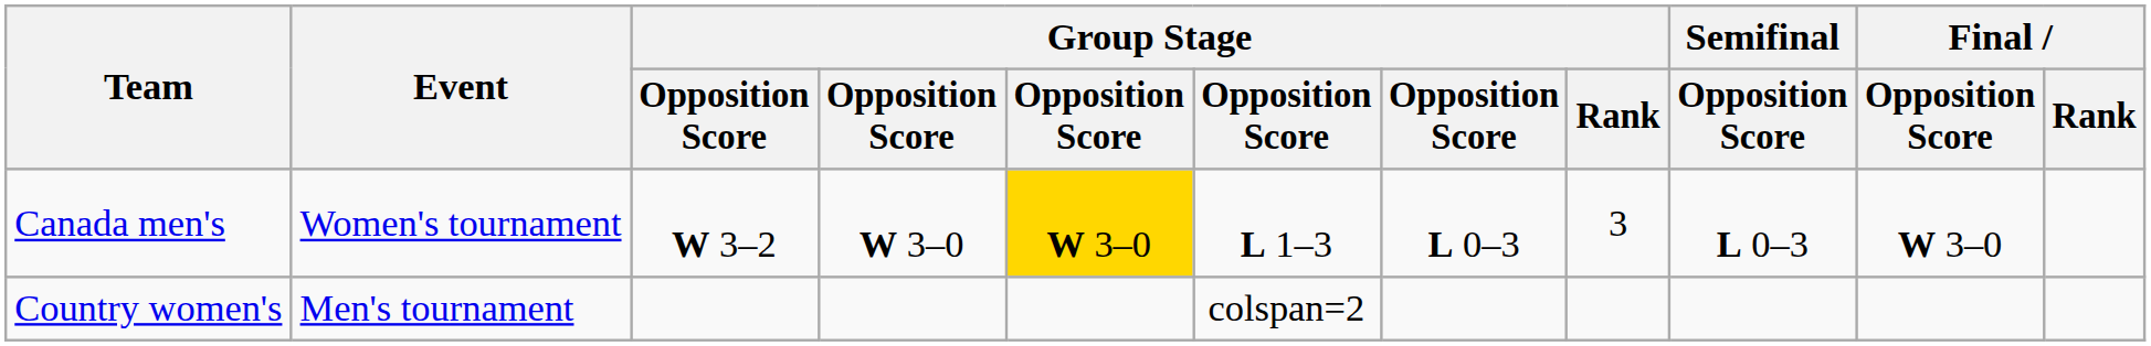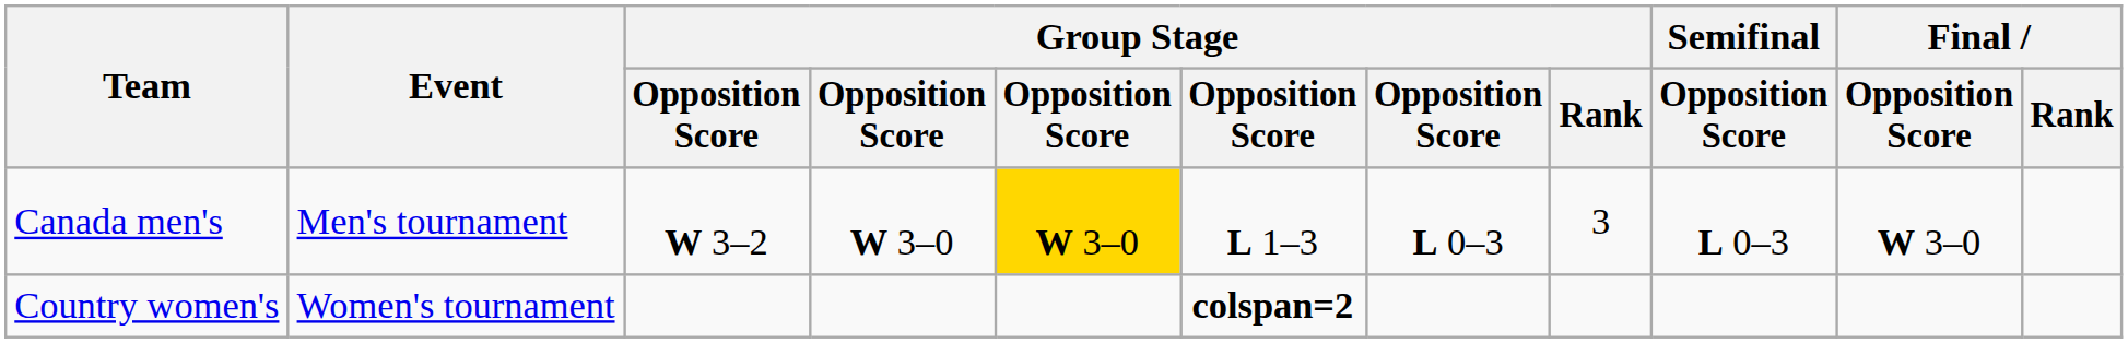 <table class="wikitable" style="font-size:90%">
 <tr>
 <th rowspan=2>Team</th>
 <th rowspan=2>Event</th>
 <th colspan=6>Group Stage</th>
 <th>Semifinal</th>
 <th colspan=2>Final / </th>
 </tr>
 <tr style="font-size:95%">
 <th>Opposition<br>Score</th>
 <th>Opposition<br>Score</th>
 <th>Opposition<br>Score</th>
 <th>Opposition<br>Score</th>
 <th>Opposition<br>Score</th>
 <th>Rank</th>
 <th>Opposition<br>Score</th>
 <th>Opposition<br>Score</th>
 <th>Rank</th>
 </tr>
 <tr align=center>
 <td align=left><a href='#'>Canada men's</a></td>
-<td align=left><a href='#'>Women's tournament</a></td>
+<td align=left><a href='#'>Men's tournament</a></td>
 <td><br><strong>W</strong> 3–2</td>
 <td><br><strong>W</strong> 3–0</td>
 <td style="background: gold;"><br><strong>W</strong> 3–0</td>
 <td><br><strong>L</strong> 1–3</td>
 <td><br><strong>L</strong> 0–3</td>
 <td>3</td>
 <td><br><strong>L</strong> 0–3</td>
 <td><br><strong>W</strong> 3–0</td>
 <td></td>
 </tr>
 <tr align=center>
 <td align=left><a href='#'>Country women's</a></td>
-<td align=left><a href='#'>Men's tournament</a></td>
+<td align=left><a href='#'>Women's tournament</a></td>
 <td></td>
 <td></td>
 <td></td>
-<td>colspan=2 </td>
+<td><strong>colspan=2 </strong></td>
 <td></td>
 <td></td>
 <td></td>
 <td></td>
 </tr>
 </table>
